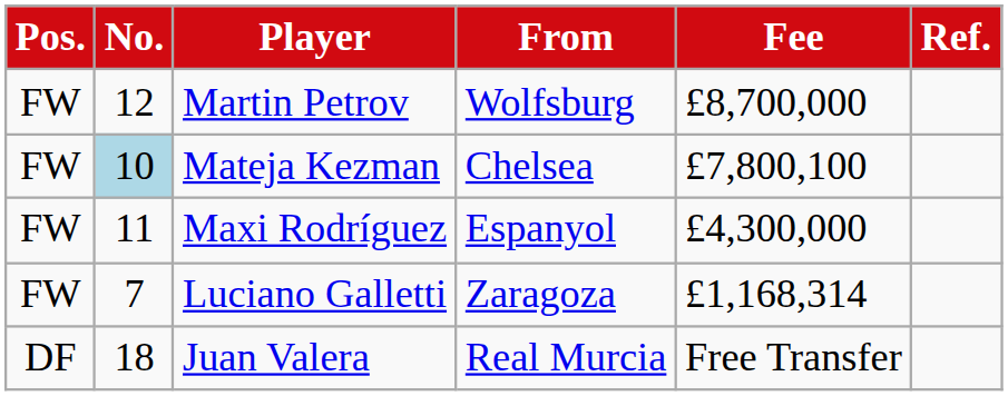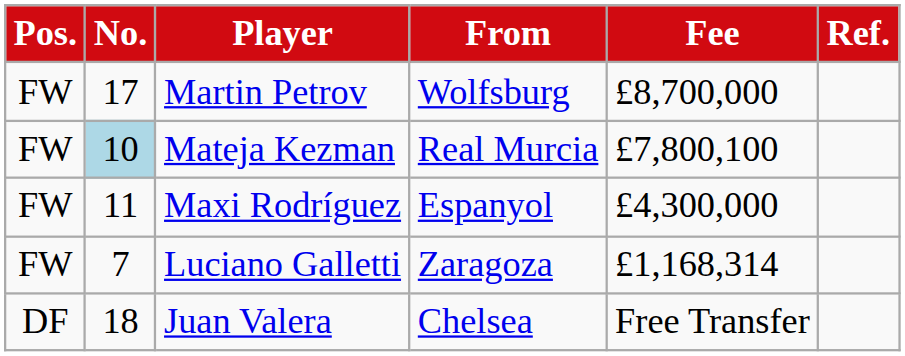 <table class="wikitable plainrowheaders sortable">
 <tr>
 <th style="background:#D10A11; color:#ffffff; ">Pos.</th>
 <th style="background:#D10A11; color:#ffffff; ">No.</th>
 <th style="background:#D10A11; color:#ffffff; ">Player</th>
 <th style="background:#D10A11; color:#ffffff; ">From</th>
 <th style="background:#D10A11; color:#ffffff; ">Fee</th>
 <th style="background:#D10A11; color:#ffffff; ">Ref.</th>
 </tr>
 <tr>
 <td style="text-align:center;">FW</td>
-<td style="text-align:center;">12</td>
+<td style="text-align:center;">17</td>
 <td style="text-align:left;"> <a href='#'>Martin Petrov</a></td>
 <td style="text-align:left;"> <a href='#'>Wolfsburg</a></td>
 <td>£8,700,000</td>
 <td></td>
 </tr>
 <tr>
 <td style="text-align:center;">FW</td>
 <td style="background: lightblue; text-align:center;">10</td>
 <td style="text-align:left;"> <a href='#'>Mateja Kezman</a></td>
-<td style="text-align:left;"> <a href='#'>Chelsea</a></td>
+<td style="text-align:left;"> <a href='#'>Real Murcia</a></td>
 <td>£7,800,100</td>
 <td></td>
 </tr>
 <tr>
 <td style="text-align:center;">FW</td>
 <td style="text-align:center;">11</td>
 <td style="text-align:left;"> <a href='#'>Maxi Rodríguez</a></td>
 <td style="text-align:left;"> <a href='#'>Espanyol</a></td>
 <td>£4,300,000</td>
 <td></td>
 </tr>
 <tr>
 <td style="text-align:center;">FW</td>
 <td style="text-align:center;">7</td>
 <td style="text-align:left;"> <a href='#'>Luciano Galletti</a></td>
 <td style="text-align:left;"> <a href='#'>Zaragoza</a></td>
 <td>£1,168,314</td>
 <td></td>
 </tr>
 <tr>
 <td style="text-align:center;">DF</td>
 <td style="text-align:center;">18</td>
 <td style="text-align:left;"> <a href='#'>Juan Valera</a></td>
-<td style="text-align:left;"> <a href='#'>Real Murcia</a></td>
+<td style="text-align:left;"> <a href='#'>Chelsea</a></td>
 <td>Free Transfer</td>
 </tr>
 </table>
